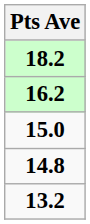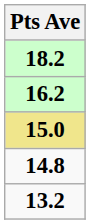 <table class="wikitable" style="text-align: center;">
 <tr>
 <th>Pts Ave</th>
 </tr>
 <tr>
 <td style="background:#ccffcc;"><strong>18.2</strong></td>
 </tr>
 <tr>
 <td style="background:#ccffcc;"><strong>16.2</strong></td>
 </tr>
 <tr>
-<td><strong>15.0</strong></td>
+<td style="background: khaki;"><strong>15.0</strong></td>
 </tr>
 <tr>
 <td><strong>14.8</strong></td>
 </tr>
 <tr>
 <td><strong>13.2</strong></td>
 </tr>
 </table>
